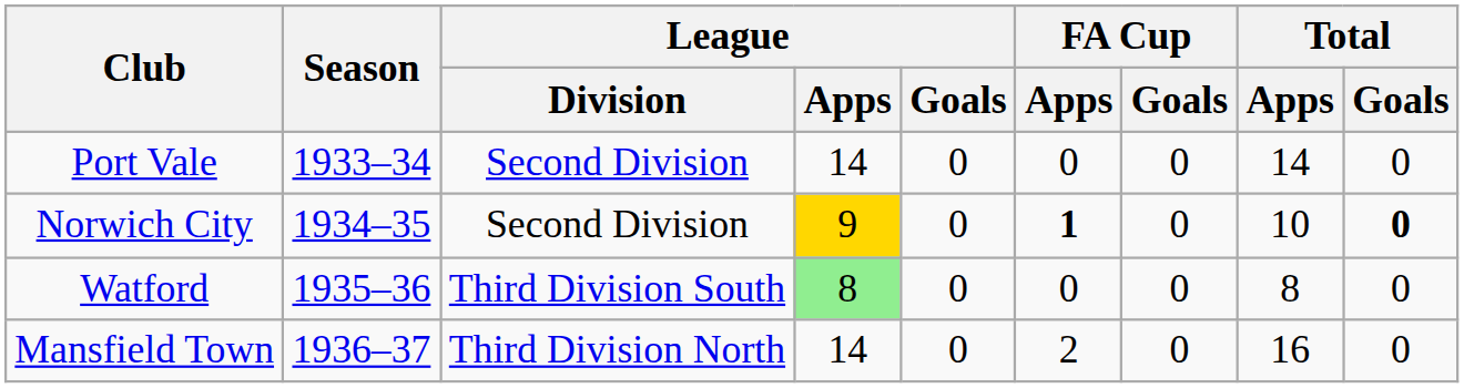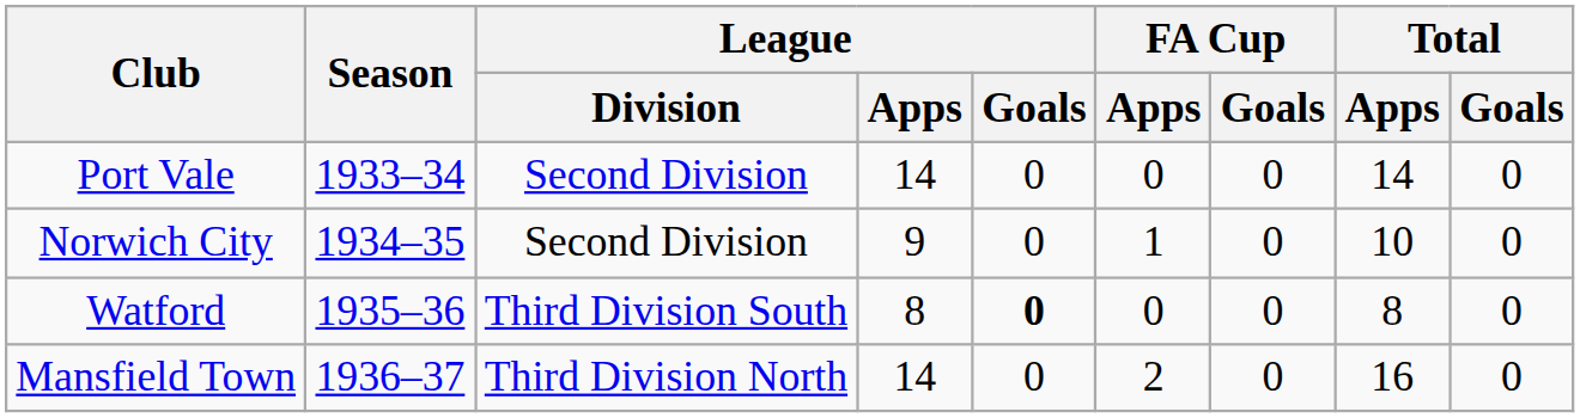 <table class="wikitable" style="text-align: center;">
 <tr>
 <th rowspan="2">Club</th>
 <th rowspan="2">Season</th>
 <th colspan="3">League</th>
 <th colspan="2">FA Cup</th>
 <th colspan="2">Total</th>
 </tr>
 <tr>
 <th>Division</th>
 <th>Apps</th>
 <th>Goals</th>
 <th>Apps</th>
 <th>Goals</th>
 <th>Apps</th>
 <th>Goals</th>
 </tr>
 <tr>
 <td><a href='#'>Port Vale</a></td>
 <td><a href='#'>1933–34</a></td>
 <td><a href='#'>Second Division</a></td>
 <td>14</td>
 <td>0</td>
 <td>0</td>
 <td>0</td>
 <td>14</td>
 <td>0</td>
 </tr>
 <tr>
 <td><a href='#'>Norwich City</a></td>
 <td><a href='#'>1934–35</a></td>
 <td>Second Division</td>
-<td style="background: gold;">9</td>
+<td>9</td>
 <td>0</td>
-<td><strong>1</strong></td>
+<td>1</td>
 <td>0</td>
 <td>10</td>
-<td><strong>0</strong></td>
+<td>0</td>
 </tr>
 <tr>
 <td><a href='#'>Watford</a></td>
 <td><a href='#'>1935–36</a></td>
 <td><a href='#'>Third Division South</a></td>
-<td style="background: lightgreen;">8</td>
-<td>0</td>
+<td>8</td>
+<td><strong>0</strong></td>
 <td>0</td>
 <td>0</td>
 <td>8</td>
 <td>0</td>
 </tr>
 <tr>
 <td><a href='#'>Mansfield Town</a></td>
 <td><a href='#'>1936–37</a></td>
 <td><a href='#'>Third Division North</a></td>
 <td>14</td>
 <td>0</td>
 <td>2</td>
 <td>0</td>
 <td>16</td>
 <td>0</td>
 </tr>
 </table>
